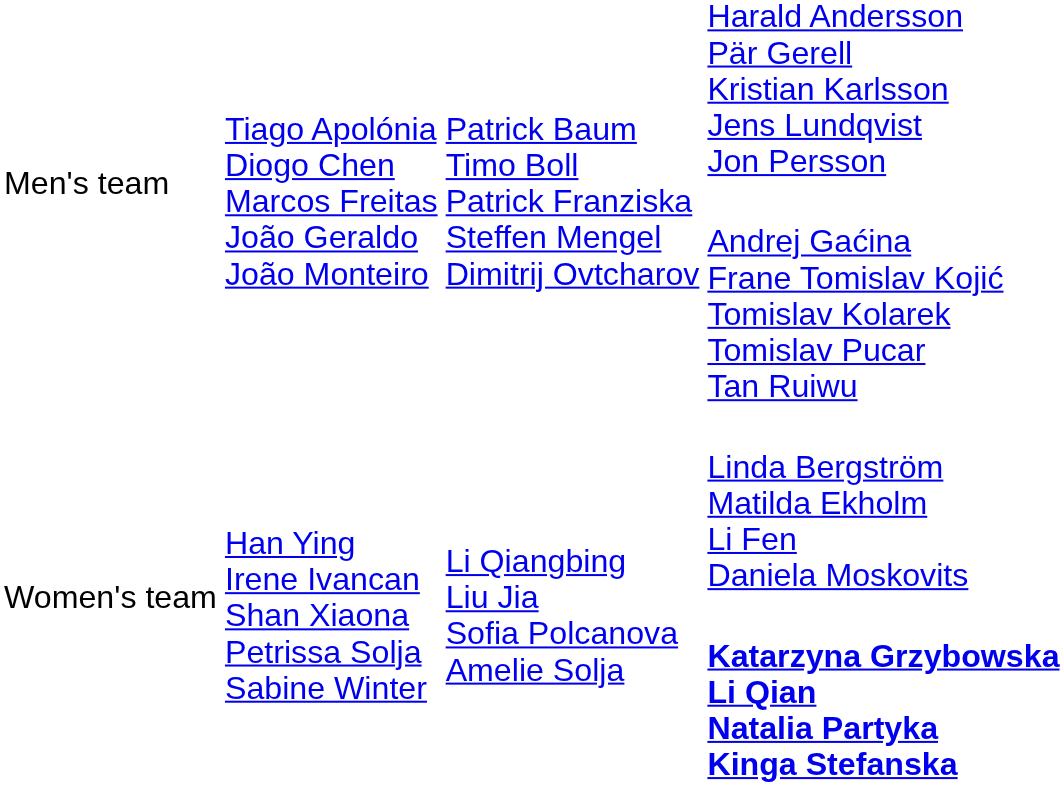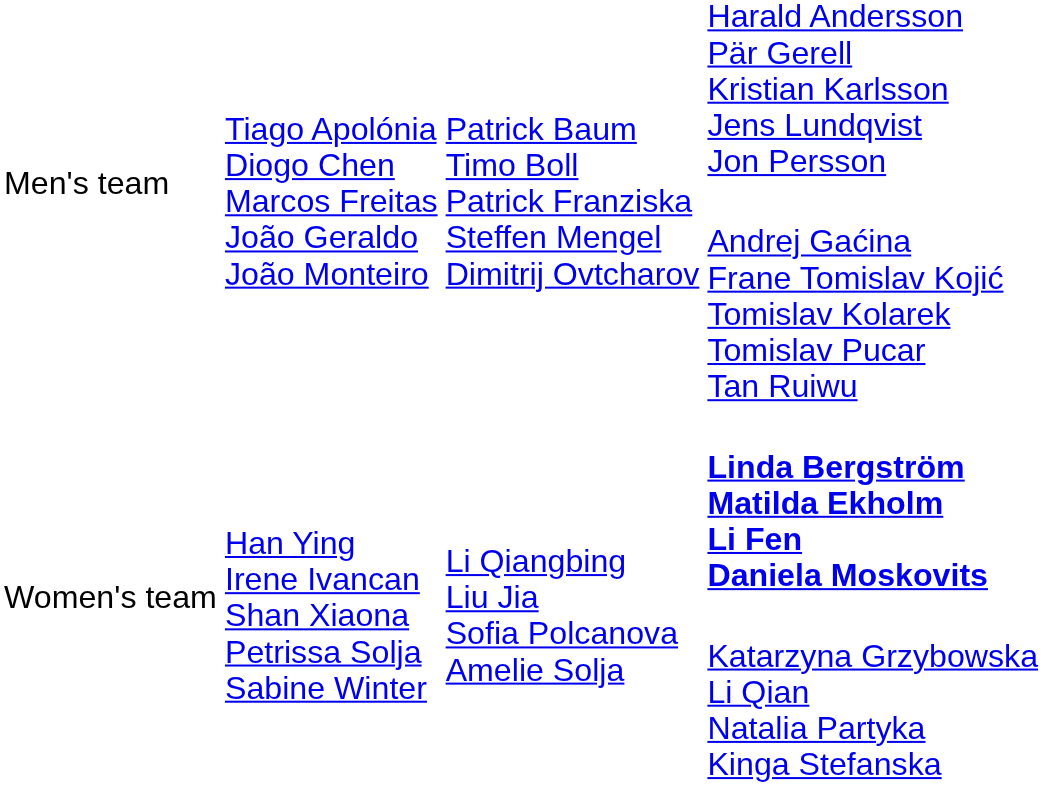 <table>
 <tr>
 <td rowspan=2>Men's team</td>
 <td rowspan=2><br><a href='#'>Tiago Apolónia</a><br><a href='#'>Diogo Chen</a><br><a href='#'>Marcos Freitas</a><br><a href='#'>João Geraldo</a><br><a href='#'>João Monteiro</a></td>
 <td rowspan=2><br><a href='#'>Patrick Baum</a><br><a href='#'>Timo Boll</a><br><a href='#'>Patrick Franziska</a><br><a href='#'>Steffen Mengel</a><br><a href='#'>Dimitrij Ovtcharov</a></td>
 <td><br><a href='#'>Harald Andersson</a><br><a href='#'>Pär Gerell</a><br><a href='#'>Kristian Karlsson</a><br><a href='#'>Jens Lundqvist</a><br><a href='#'>Jon Persson</a></td>
 </tr>
 <tr>
 <td><br><a href='#'>Andrej Gaćina</a><br><a href='#'>Frane Tomislav Kojić</a><br><a href='#'>Tomislav Kolarek</a><br><a href='#'>Tomislav Pucar</a><br><a href='#'>Tan Ruiwu</a></td>
 </tr>
 <tr>
 <td rowspan=2>Women's team</td>
 <td rowspan=2><br><a href='#'>Han Ying</a><br><a href='#'>Irene Ivancan</a><br><a href='#'>Shan Xiaona</a><br><a href='#'>Petrissa Solja</a><br><a href='#'>Sabine Winter</a></td>
 <td rowspan=2><br><a href='#'>Li Qiangbing</a><br><a href='#'>Liu Jia</a><br><a href='#'>Sofia Polcanova</a><br><a href='#'>Amelie Solja</a></td>
-<td><br><a href='#'>Linda Bergström</a><br><a href='#'>Matilda Ekholm</a><br><a href='#'>Li Fen</a><br><a href='#'>Daniela Moskovits</a></td>
+<td><strong><br><a href='#'>Linda Bergström</a><br><a href='#'>Matilda Ekholm</a><br><a href='#'>Li Fen</a><br><a href='#'>Daniela Moskovits</a></strong></td>
 </tr>
 <tr>
-<td><strong><br><a href='#'>Katarzyna Grzybowska</a><br><a href='#'>Li Qian</a><br><a href='#'>Natalia Partyka</a><br><a href='#'>Kinga Stefanska</a></strong></td>
+<td><br><a href='#'>Katarzyna Grzybowska</a><br><a href='#'>Li Qian</a><br><a href='#'>Natalia Partyka</a><br><a href='#'>Kinga Stefanska</a></td>
 </tr>
 </table>
